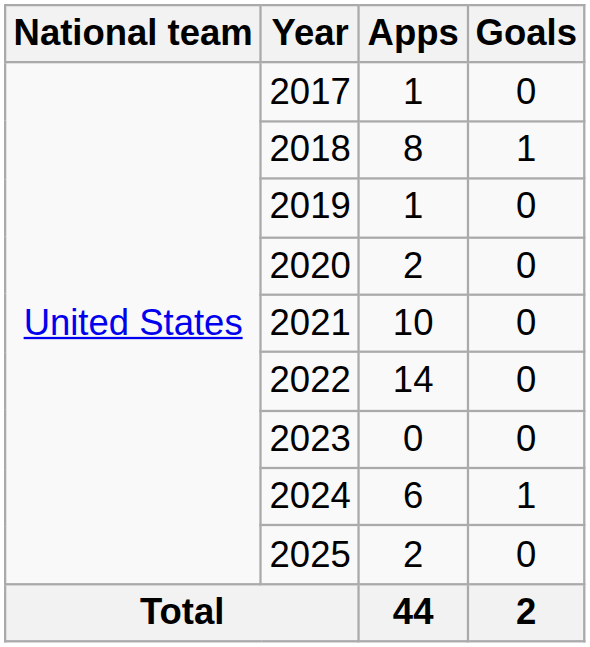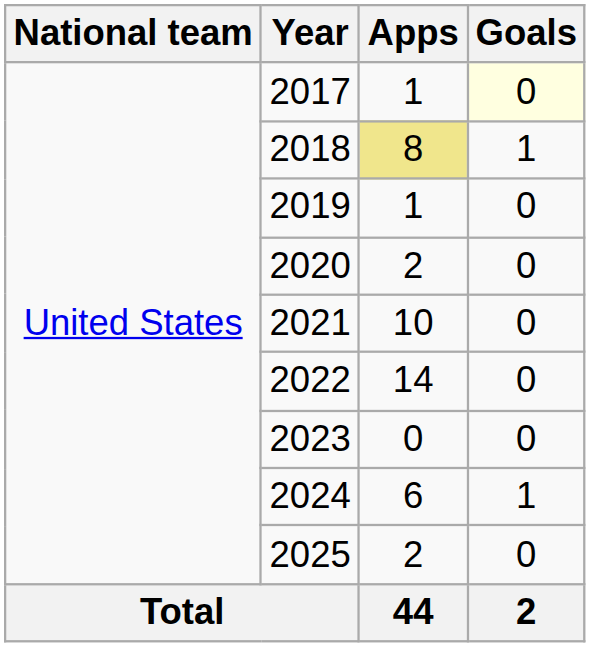 <table class="wikitable" style="text-align:center">
 <tr>
 <th>National team</th>
 <th>Year</th>
 <th>Apps</th>
 <th>Goals</th>
 </tr>
 <tr>
 <td rowspan="9"><a href='#'>United States</a></td>
 <td>2017</td>
 <td>1</td>
-<td>0</td>
+<td style="background: lightyellow;">0</td>
 </tr>
 <tr>
 <td>2018</td>
-<td>8</td>
+<td style="background: khaki;">8</td>
 <td>1</td>
 </tr>
 <tr>
 <td>2019</td>
 <td>1</td>
 <td>0</td>
 </tr>
 <tr>
 <td>2020</td>
 <td>2</td>
 <td>0</td>
 </tr>
 <tr>
 <td>2021</td>
 <td>10</td>
 <td>0</td>
 </tr>
 <tr>
 <td>2022</td>
 <td>14</td>
 <td>0</td>
 </tr>
 <tr>
 <td>2023</td>
 <td>0</td>
 <td>0</td>
 </tr>
 <tr>
 <td>2024</td>
 <td>6</td>
 <td>1</td>
 </tr>
 <tr>
 <td>2025</td>
 <td>2</td>
 <td>0</td>
 </tr>
 <tr>
 <th colspan="2">Total</th>
 <th>44</th>
 <th>2</th>
 </tr>
 </table>
